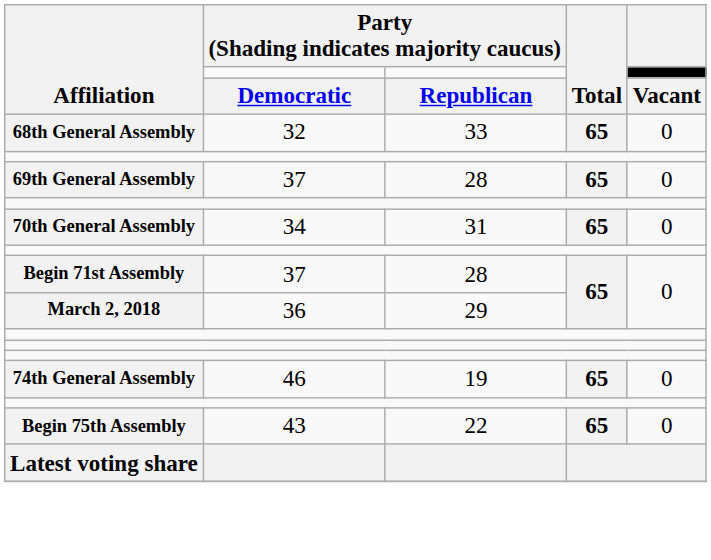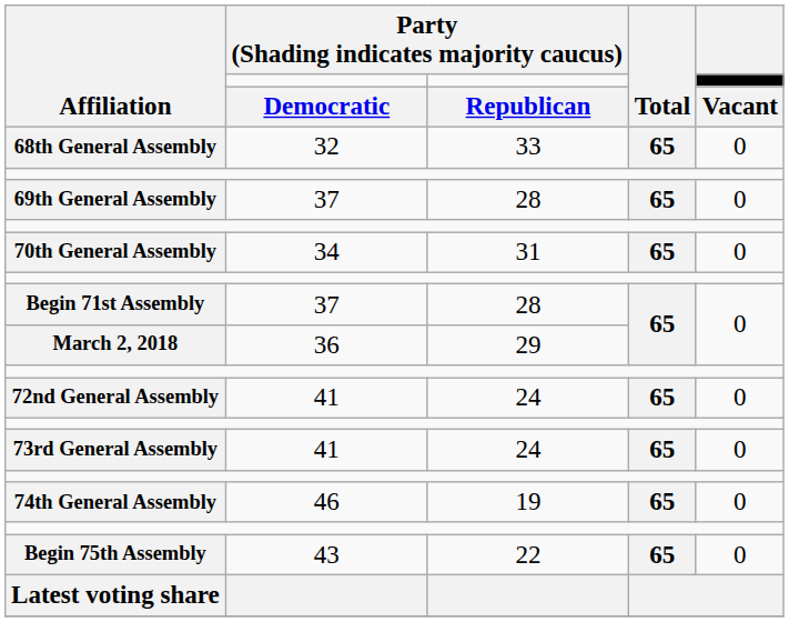 <table class=wikitable style="text-align:center">
 <tr style="vertical-align:bottom;">
 <th rowspan=3>Affiliation</th>
 <th colspan=2>Party <div>(Shading indicates majority caucus)</div></th>
 <th rowspan=3>Total</th>
 <th></th>
 </tr>
 <tr style="height:5px">
 <td style="background-color:"></td>
 <td style="background-color:"></td>
 <td style="background: black"></td>
 </tr>
 <tr>
 <th><a href='#'>Democratic</a></th>
 <th><a href='#'>Republican</a></th>
 <th>Vacant</th>
 </tr>
 <tr>
 <th nowrap style="font-size:80%">68th General Assembly</th>
 <td>32</td>
 <td>33</td>
 <th>65</th>
 <td>0</td>
 </tr>
 <tr>
 <td colspan=5></td>
 </tr>
 <tr>
 <th nowrap style="font-size:80%">69th General Assembly</th>
 <td>37</td>
 <td>28</td>
 <th>65</th>
 <td>0</td>
 </tr>
 <tr>
 <td colspan=5></td>
 </tr>
 <tr>
 <th nowrap style="font-size:80%">70th General Assembly</th>
 <td>34</td>
 <td>31</td>
 <th>65</th>
 <td>0</td>
 </tr>
 <tr>
 <td colspan=5></td>
 </tr>
 <tr>
 <th nowrap style="font-size:80%">Begin 71st Assembly</th>
 <td>37</td>
 <td>28</td>
 <th rowspan=2>65</th>
 <td rowspan=2>0</td>
 </tr>
 <tr>
 <th nowrap style="font-size:80%">March 2, 2018</th>
 <td>36</td>
 <td>29</td>
 </tr>
 <tr>
 <td colspan=5></td>
 </tr>
 <tr>
+<th nowrap style="font-size:80%">72nd General Assembly</th>
+<td>41</td>
+<td>24</td>
+<th>65</th>
+<td>0</td>
+</tr>
+<tr>
 <td colspan=5></td>
+</tr>
+<tr>
+<th nowrap style="font-size:80%">73rd General Assembly</th>
+<td>41</td>
+<td>24</td>
+<th>65</th>
+<td>0</td>
 </tr>
 <tr>
 <td colspan=5></td>
 </tr>
 <tr>
 <th nowrap style="font-size:80%">74th General Assembly</th>
 <td>46</td>
 <td>19</td>
 <th>65</th>
 <td>0</td>
 </tr>
 <tr>
 <td colspan=5></td>
 </tr>
 <tr>
 <th nowrap style="font-size:80%">Begin 75th Assembly</th>
 <td>43</td>
 <td>22</td>
 <th>65</th>
 <td>0</td>
 </tr>
 <tr>
 <th>Latest voting share</th>
 <th></th>
 <th></th>
 <th colspan=2></th>
 </tr>
 <tr>
 </tr>
 </table>
